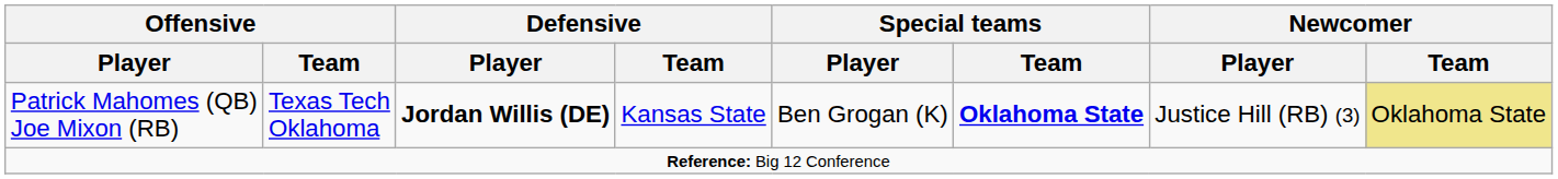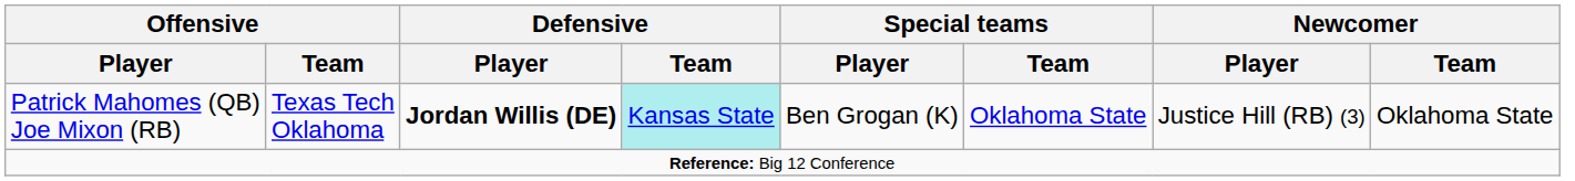 <table class="wikitable">
 <tr>
 <th colspan="2">Offensive</th>
 <th colspan="2">Defensive</th>
 <th colspan="2">Special teams</th>
 <th colspan="2">Newcomer</th>
 </tr>
 <tr>
 <th>Player</th>
 <th>Team</th>
 <th>Player</th>
 <th>Team</th>
 <th>Player</th>
 <th>Team</th>
 <th>Player</th>
 <th>Team</th>
 </tr>
 <tr>
 <td><a href='#'>Patrick Mahomes</a> (QB)<br><a href='#'>Joe Mixon</a> (RB)</td>
 <td><a href='#'>Texas Tech</a><br><a href='#'>Oklahoma</a></td>
 <td><strong>Jordan Willis (DE)</strong></td>
-<td><a href='#'>Kansas State</a></td>
+<td style="background: paleturquoise;"><a href='#'>Kansas State</a></td>
 <td>Ben Grogan (K)</td>
-<td><strong><a href='#'>Oklahoma State</a></strong></td>
+<td><a href='#'>Oklahoma State</a></td>
 <td>Justice Hill (RB) <small>(3)</small></td>
-<td style="background: khaki;">Oklahoma State</td>
+<td>Oklahoma State</td>
 </tr>
 <tr>
 <td colspan="12"  style="font-size:8pt; text-align:center;"><strong>Reference:</strong> Big 12 Conference</td>
 </tr>
 </table>
